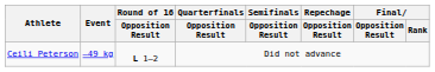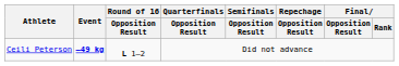 <table class=wikitable style=font-size:90%;text-align:center>
 <tr>
 <th rowspan=2>Athlete</th>
 <th rowspan=2>Event</th>
 <th>Round of 16</th>
 <th>Quarterfinals</th>
 <th>Semifinals</th>
 <th>Repechage</th>
 <th colspan=2>Final/ </th>
 </tr>
 <tr style=font-size:95%>
 <th>Opposition<br>Result</th>
 <th>Opposition<br>Result</th>
 <th>Opposition<br>Result</th>
 <th>Opposition<br>Result</th>
 <th>Opposition<br>Result</th>
 <th>Rank</th>
 </tr>
 <tr align=center>
 <td align=left><a href='#'>Ceili Peterson</a></td>
-<td align=left><a href='#'>–49 kg</a></td>
+<td align=left><strong><a href='#'>–49 kg</a></strong></td>
 <td><br><strong>L</strong> 1–2</td>
 <td colspan=5>Did not advance</td>
 </tr>
 </table>
